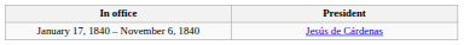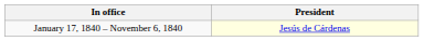 <table class="wikitable" style="font-size:90%;  text-align:center;">
 <tr>
 <th width="300">In office</th>
 <th width="300">President</th>
 </tr>
 <tr>
 <td>January 17, 1840 – November 6, 1840</td>
-<td><a href='#'>Jesús de Cárdenas</a></td>
+<td style="background: lightyellow;"><a href='#'>Jesús de Cárdenas</a></td>
 </tr>
 </table>
